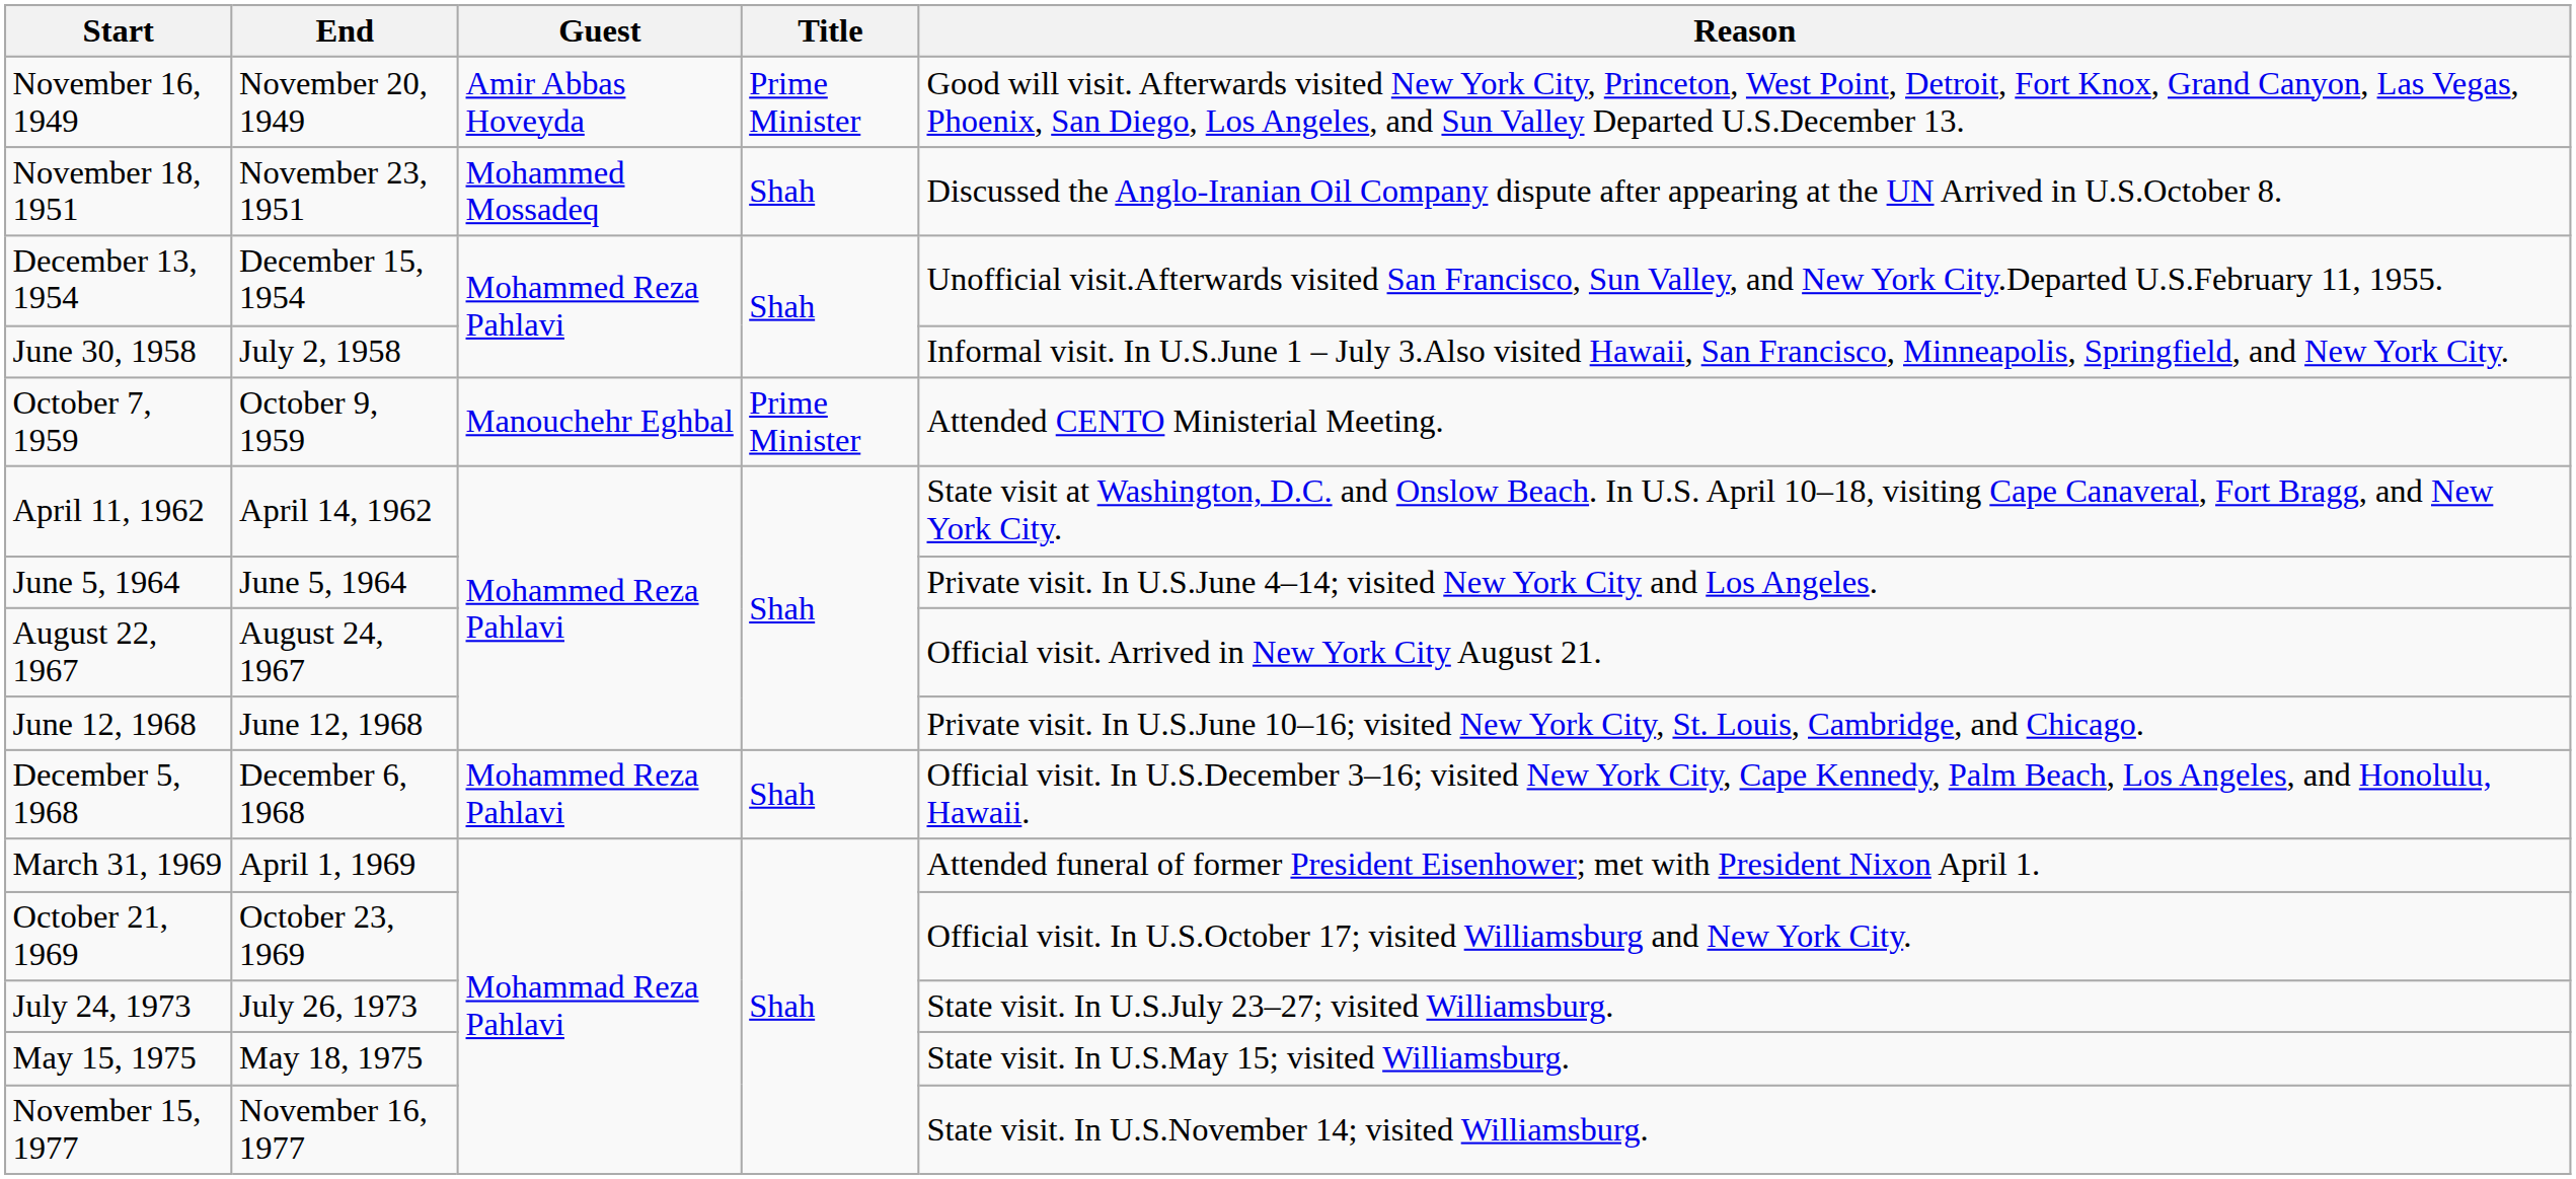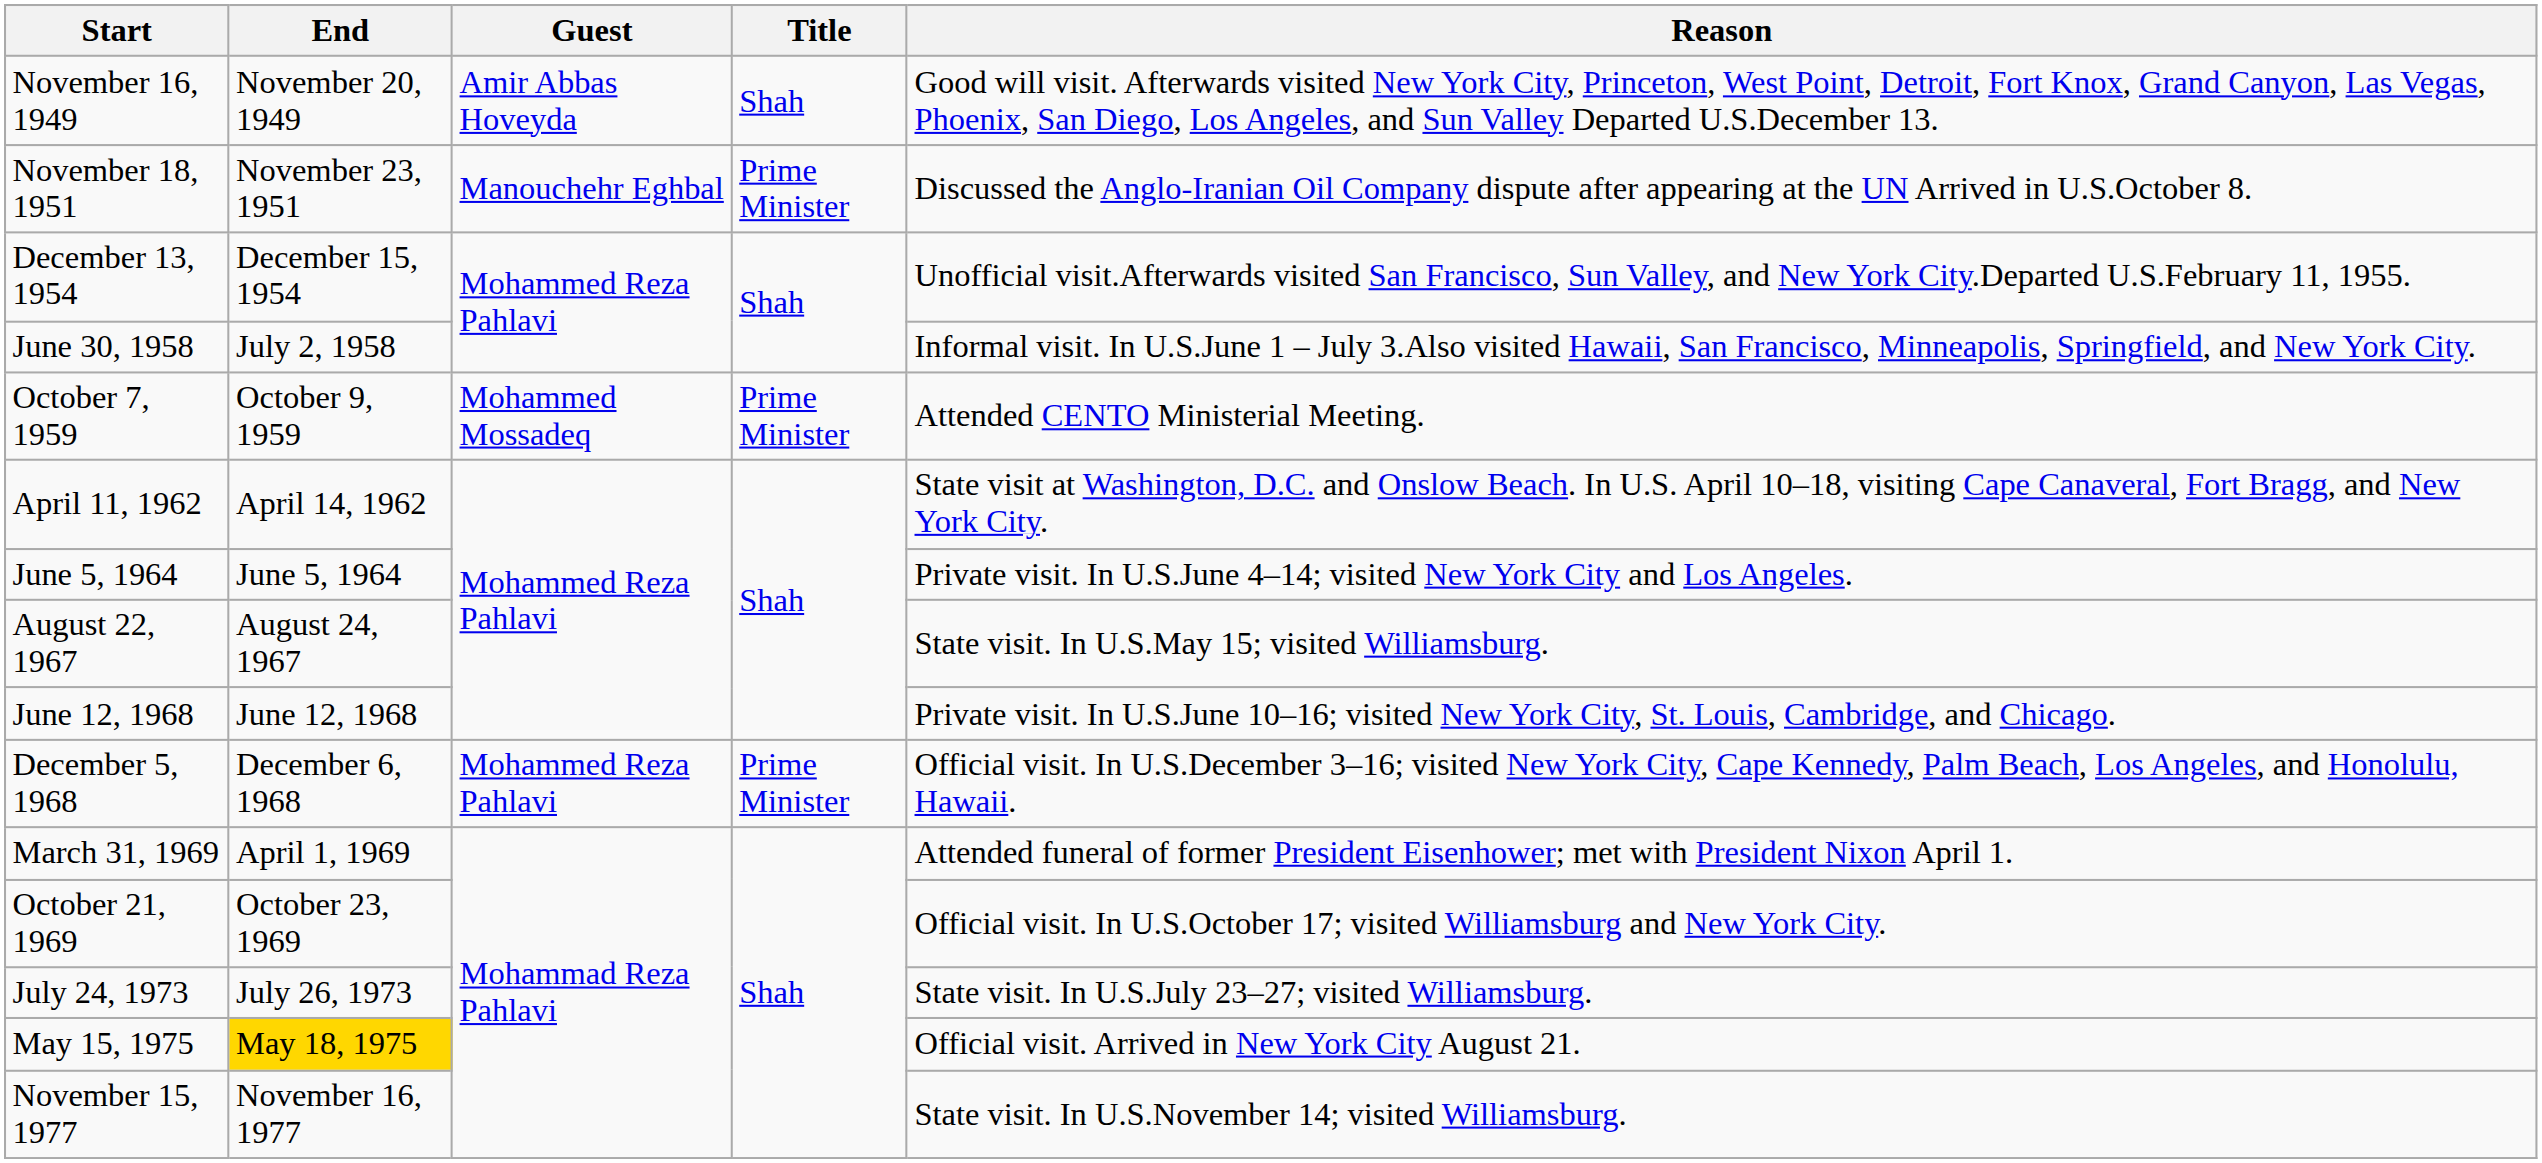 <table class="wikitable sortable">
 <tr>
 <th>Start</th>
 <th>End</th>
 <th>Guest</th>
 <th>Title</th>
 <th>Reason</th>
 </tr>
 <tr>
 <td>November 16, 1949</td>
 <td>November 20, 1949</td>
 <td><a href='#'>Amir Abbas Hoveyda</a></td>
-<td><a href='#'>Prime Minister</a></td>
+<td><a href='#'>Shah</a></td>
 <td>Good will visit. Afterwards visited <a href='#'>New York City</a>, <a href='#'>Princeton</a>, <a href='#'>West Point</a>, <a href='#'>Detroit</a>, <a href='#'>Fort Knox</a>, <a href='#'>Grand Canyon</a>, <a href='#'>Las Vegas</a>, <a href='#'>Phoenix</a>, <a href='#'>San Diego</a>, <a href='#'>Los Angeles</a>, and <a href='#'>Sun Valley</a> Departed U.S.December 13.</td>
 </tr>
 <tr>
 <td>November 18, 1951</td>
 <td>November 23, 1951</td>
-<td><a href='#'>Mohammed Mossadeq</a></td>
-<td><a href='#'>Shah</a></td>
+<td><a href='#'>Manouchehr Eghbal</a></td>
+<td><a href='#'>Prime Minister</a></td>
 <td>Discussed the <a href='#'>Anglo-Iranian Oil Company</a> dispute after appearing at the <a href='#'>UN</a> Arrived in U.S.October 8.</td>
 </tr>
 <tr>
 <td>December 13, 1954</td>
 <td>December 15, 1954</td>
 <td rowspan=2><a href='#'>Mohammed Reza Pahlavi</a></td>
 <td rowspan=2><a href='#'>Shah</a></td>
 <td>Unofficial visit.Afterwards visited <a href='#'>San Francisco</a>, <a href='#'>Sun Valley</a>, and <a href='#'>New York City</a>.Departed U.S.February 11, 1955.</td>
 </tr>
 <tr>
 <td>June 30, 1958</td>
 <td>July 2, 1958</td>
 <td>Informal visit. In U.S.June 1 – July 3.Also visited <a href='#'>Hawaii</a>, <a href='#'>San Francisco</a>, <a href='#'>Minneapolis</a>, <a href='#'>Springfield</a>, and <a href='#'>New York City</a>.</td>
 </tr>
 <tr>
 <td>October 7, 1959</td>
 <td>October 9, 1959</td>
-<td><a href='#'>Manouchehr Eghbal</a></td>
+<td><a href='#'>Mohammed Mossadeq</a></td>
 <td><a href='#'>Prime Minister</a></td>
 <td>Attended <a href='#'>CENTO</a> Ministerial Meeting.</td>
 </tr>
 <tr>
 <td>April 11, 1962</td>
 <td>April 14, 1962</td>
 <td rowspan=4><a href='#'>Mohammed Reza Pahlavi</a></td>
 <td rowspan=4><a href='#'>Shah</a></td>
 <td>State visit at <a href='#'>Washington, D.C.</a> and <a href='#'>Onslow Beach</a>. In U.S. April 10–18, visiting <a href='#'>Cape Canaveral</a>, <a href='#'>Fort Bragg</a>, and <a href='#'>New York City</a>.</td>
 </tr>
 <tr>
 <td>June 5, 1964</td>
 <td>June 5, 1964</td>
 <td>Private visit. In U.S.June 4–14; visited <a href='#'>New York City</a> and <a href='#'>Los Angeles</a>.</td>
 </tr>
 <tr>
 <td>August 22, 1967</td>
 <td>August 24, 1967</td>
-<td>Official visit. Arrived in <a href='#'>New York City</a> August 21.</td>
+<td>State visit. In U.S.May 15; visited <a href='#'>Williamsburg</a>.</td>
 </tr>
 <tr>
 <td>June 12, 1968</td>
 <td>June 12, 1968</td>
 <td>Private visit. In U.S.June 10–16; visited <a href='#'>New York City</a>, <a href='#'>St. Louis</a>, <a href='#'>Cambridge</a>, and <a href='#'>Chicago</a>.</td>
 </tr>
 <tr>
 <td>December 5, 1968</td>
 <td>December 6, 1968</td>
 <td><a href='#'>Mohammed Reza Pahlavi</a></td>
-<td><a href='#'>Shah</a></td>
+<td><a href='#'>Prime Minister</a></td>
 <td>Official visit. In U.S.December 3–16; visited <a href='#'>New York City</a>, <a href='#'>Cape Kennedy</a>, <a href='#'>Palm Beach</a>, <a href='#'>Los Angeles</a>, and <a href='#'>Honolulu, Hawaii</a>.</td>
 </tr>
 <tr>
 <td>March 31, 1969</td>
 <td>April 1, 1969</td>
 <td rowspan=5><a href='#'>Mohammad Reza Pahlavi</a></td>
 <td rowspan=5><a href='#'>Shah</a></td>
 <td>Attended funeral of former <a href='#'>President Eisenhower</a>; met with <a href='#'>President Nixon</a> April 1.</td>
 </tr>
 <tr>
 <td>October 21, 1969</td>
 <td>October 23, 1969</td>
 <td>Official visit. In U.S.October 17; visited <a href='#'>Williamsburg</a> and <a href='#'>New York City</a>.</td>
 </tr>
 <tr>
 <td>July 24, 1973</td>
 <td>July 26, 1973</td>
 <td>State visit. In U.S.July 23–27; visited <a href='#'>Williamsburg</a>.</td>
 </tr>
 <tr>
 <td>May 15, 1975</td>
-<td>May 18, 1975</td>
-<td>State visit. In U.S.May 15; visited <a href='#'>Williamsburg</a>.</td>
+<td style="background: gold;">May 18, 1975</td>
+<td>Official visit. Arrived in <a href='#'>New York City</a> August 21.</td>
 </tr>
 <tr>
 <td>November 15, 1977</td>
 <td>November 16, 1977</td>
 <td>State visit. In U.S.November 14; visited <a href='#'>Williamsburg</a>.</td>
 </tr>
 </table>
